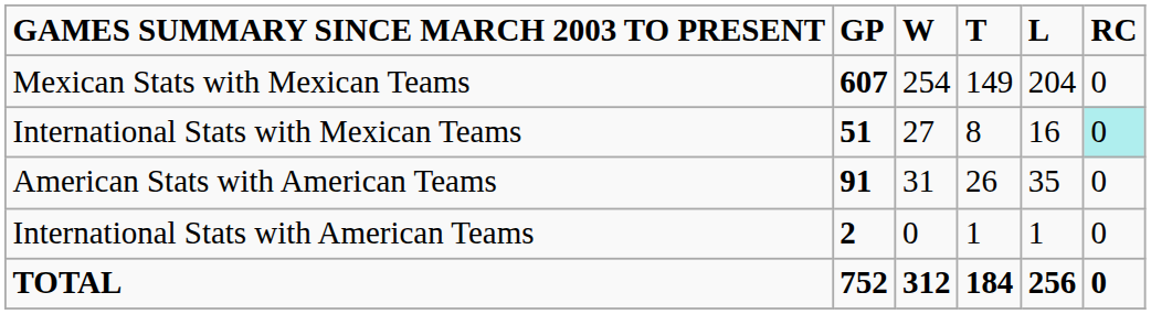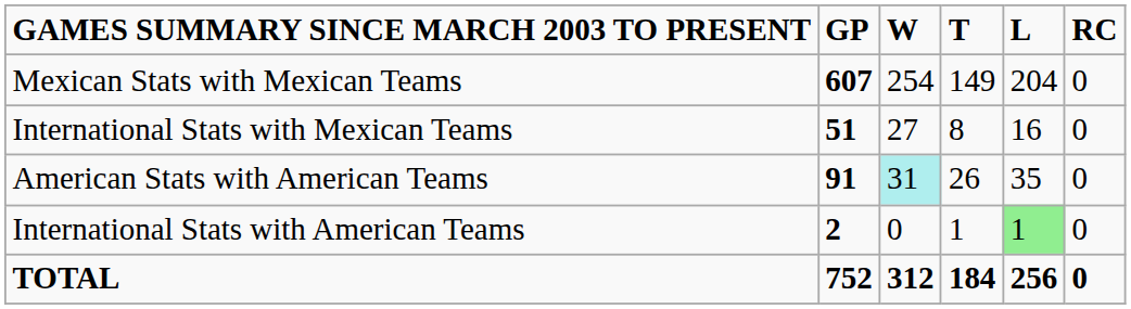 <table class="wikitable">
 <tr>
 <td colspan="5" rowspan="1"><strong>GAMES SUMMARY SINCE MARCH 2003 TO PRESENT</strong></td>
 <td><strong>GP</strong></td>
 <td><strong>W</strong></td>
 <td><strong>T</strong></td>
 <td><strong>L</strong></td>
 <td><strong>RC</strong></td>
 </tr>
 <tr>
 <td colspan="5" rowspan="1">Mexican Stats with Mexican Teams</td>
 <td><strong>607</strong></td>
 <td>254</td>
 <td>149</td>
 <td>204</td>
 <td>0</td>
 </tr>
 <tr>
 <td colspan="5" rowspan="1">International Stats with Mexican Teams</td>
 <td><strong>51</strong></td>
 <td>27</td>
 <td>8</td>
 <td>16</td>
-<td style="background: paleturquoise;">0</td>
+<td>0</td>
 </tr>
 <tr>
 <td colspan="5" rowspan="1">American Stats with American Teams</td>
 <td><strong>91</strong></td>
-<td>31</td>
+<td style="background: paleturquoise;">31</td>
 <td>26</td>
 <td>35</td>
 <td>0</td>
 </tr>
 <tr>
 <td colspan="5" rowspan="1">International Stats with American Teams</td>
 <td><strong>2</strong></td>
 <td>0</td>
 <td>1</td>
-<td>1</td>
+<td style="background: lightgreen;">1</td>
 <td>0</td>
 </tr>
 <tr>
 <td colspan="5" rowspan="1"><strong>TOTAL</strong></td>
 <td><strong>752</strong></td>
 <td><strong>312</strong></td>
 <td><strong>184</strong></td>
 <td><strong>256</strong></td>
 <td><strong>0</strong></td>
 </tr>
 </table>
